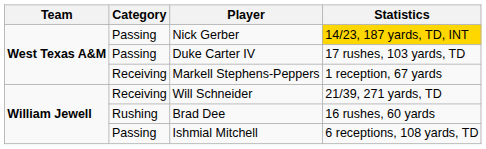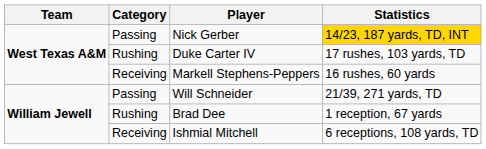 <table class="wikitable" style="float: left;">
 <tr>
 <th>Team</th>
 <th>Category</th>
 <th>Player</th>
 <th>Statistics</th>
 </tr>
 <tr>
 <td rowspan=3><strong>West Texas A&M</strong></td>
 <td>Passing</td>
 <td>Nick Gerber</td>
 <td style="background: gold;">14/23, 187 yards, TD, INT</td>
 </tr>
 <tr>
-<td>Passing</td>
+<td>Rushing</td>
 <td>Duke Carter IV</td>
 <td>17 rushes, 103 yards, TD</td>
 </tr>
 <tr>
 <td>Receiving</td>
 <td>Markell Stephens-Peppers</td>
-<td>1 reception, 67 yards</td>
+<td>16 rushes, 60 yards</td>
 </tr>
 <tr>
 <td rowspan=3><strong>William Jewell</strong></td>
-<td>Receiving</td>
+<td>Passing</td>
 <td>Will Schneider</td>
 <td>21/39, 271 yards, TD</td>
 </tr>
 <tr>
 <td>Rushing</td>
 <td>Brad Dee</td>
-<td>16 rushes, 60 yards</td>
+<td>1 reception, 67 yards</td>
 </tr>
 <tr>
-<td>Passing</td>
+<td>Receiving</td>
 <td>Ishmial Mitchell</td>
 <td>6 receptions, 108 yards, TD</td>
 </tr>
 </table>
